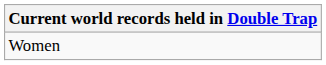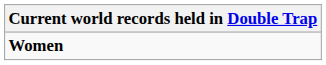 <table class="wikitable" style="font-size: 95%">
 <tr>
 <th colspan=9>Current world records held in <a href='#'>Double Trap</a></th>
 </tr>
 <tr>
-<td>Women<br></td>
+<td><strong>Women<br></strong></td>
 </tr>
 </table>
